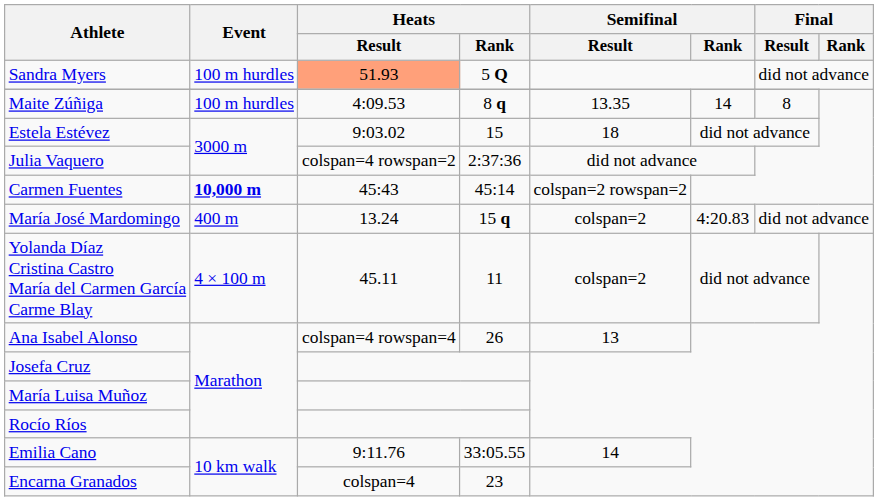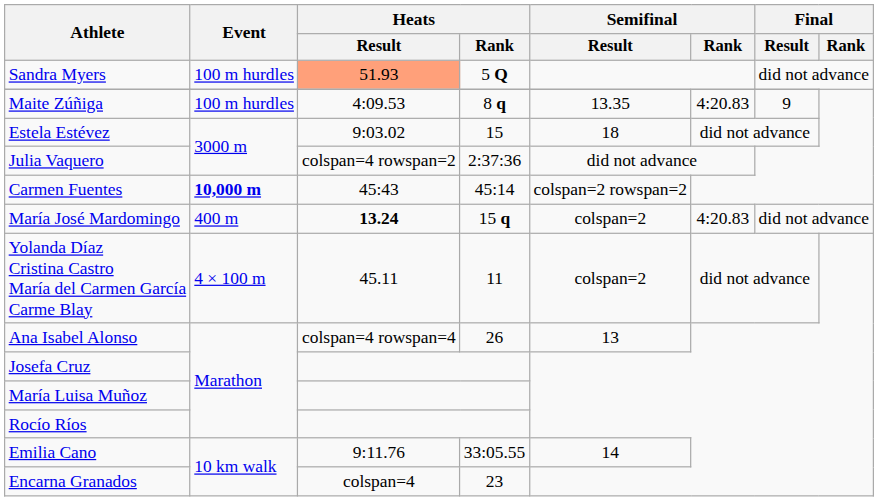 <table class="wikitable" style="font-size:90%">
 <tr>
 <th rowspan="2">Athlete</th>
 <th rowspan="2">Event</th>
 <th colspan="2">Heats</th>
 <th colspan="2">Semifinal</th>
 <th colspan="2">Final</th>
 </tr>
 <tr style="font-size:95%">
 <th>Result</th>
 <th>Rank</th>
 <th>Result</th>
 <th>Rank</th>
 <th>Result</th>
 <th>Rank</th>
 </tr>
 <tr align=center>
 <td align=left><a href='#'>Sandra Myers</a></td>
 <td align=left><a href='#'>100 m hurdles</a></td>
 <td style="background: lightsalmon;">51.93</td>
 <td>5 <strong>Q</strong></td>
 <td colspan=2></td>
 <td colspan=2>did not advance</td>
 </tr>
 <tr align=center>
 </tr>
 <tr align=center>
 <td align=left><a href='#'>Maite Zúñiga</a></td>
 <td align=left><a href='#'>100 m hurdles</a></td>
 <td>4:09.53</td>
 <td>8 <strong>q</strong></td>
 <td>13.35</td>
-<td>14</td>
-<td>8</td>
+<td>4:20.83</td>
+<td>9</td>
 </tr>
 <tr align=center>
 <td align=left><a href='#'>Estela Estévez</a></td>
 <td align=left rowspan=2><a href='#'>3000 m</a></td>
 <td>9:03.02</td>
 <td>15</td>
 <td>18</td>
 <td colspan=2>did not advance</td>
 </tr>
 <tr align=center>
 <td align=left><a href='#'>Julia Vaquero</a></td>
 <td>colspan=4 rowspan=2 </td>
 <td>2:37:36</td>
 <td colspan=2>did not advance</td>
 </tr>
 <tr align=center>
 <td align=left><a href='#'>Carmen Fuentes</a></td>
 <td align=left><strong><a href='#'>10,000 m</a></strong></td>
 <td>45:43</td>
 <td>45:14</td>
 <td>colspan=2 rowspan=2 </td>
 </tr>
 <tr align=center>
 <td align=left><a href='#'>María José Mardomingo</a></td>
 <td align=left><a href='#'>400 m</a></td>
-<td>13.24</td>
+<td><strong>13.24</strong></td>
 <td>15 <strong>q</strong></td>
 <td>colspan=2 </td>
 <td>4:20.83</td>
 <td colspan=2>did not advance</td>
 </tr>
 <tr align=center>
 <td align=left><a href='#'>Yolanda Díaz</a><br><a href='#'>Cristina Castro</a><br><a href='#'>María del Carmen García</a><br><a href='#'>Carme Blay</a></td>
 <td align=left><a href='#'>4 × 100 m</a></td>
 <td>45.11</td>
 <td>11</td>
 <td>colspan=2 </td>
 <td colspan=2>did not advance</td>
 </tr>
 <tr align=center>
 <td align=left><a href='#'>Ana Isabel Alonso</a></td>
 <td align=left rowspan=4><a href='#'>Marathon</a></td>
 <td>colspan=4 rowspan=4 </td>
 <td>26</td>
 <td>13</td>
 </tr>
 <tr align=center>
 <td align=left><a href='#'>Josefa Cruz</a></td>
 <td colspan=2></td>
 </tr>
 <tr align=center>
 <td align=left><a href='#'>María Luisa Muñoz</a></td>
 <td colspan=2></td>
 </tr>
 <tr align=center>
 <td align=left><a href='#'>Rocío Ríos</a></td>
 <td colspan=2></td>
 </tr>
 <tr align=center>
 <td align=left><a href='#'>Emilia Cano</a></td>
 <td align=left rowspan=2><a href='#'>10 km walk</a></td>
 <td>9:11.76</td>
 <td>33:05.55</td>
 <td>14</td>
 </tr>
 <tr align=center>
 <td align=left><a href='#'>Encarna Granados</a></td>
 <td>colspan=4 </td>
 <td>23</td>
 </tr>
 </table>
